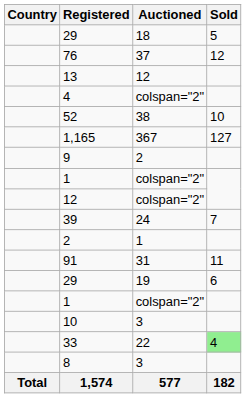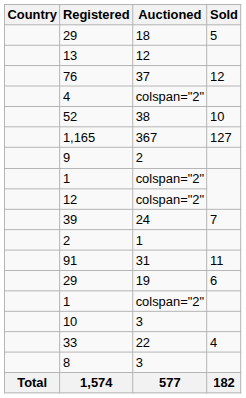 <table class="wikitable defaultcenter col1left" style="font-size:95%;">
 <tr>
 <th scope="col">Country</th>
 <th scope="col">Registered</th>
 <th scope="col">Auctioned</th>
 <th scope="col">Sold</th>
 </tr>
 <tr>
 <td></td>
 <td>29</td>
 <td>18</td>
 <td>5</td>
 </tr>
 <tr>
 <td></td>
+<td>13</td>
+<td>12</td>
+<td></td>
+</tr>
+<tr>
+<td></td>
 <td>76</td>
 <td>37</td>
 <td>12</td>
-</tr>
-<tr>
-<td></td>
-<td>13</td>
-<td>12</td>
-<td></td>
 </tr>
 <tr>
 <td></td>
 <td>4</td>
 <td>colspan="2" </td>
 </tr>
 <tr>
 <td></td>
 <td>52</td>
 <td>38</td>
 <td>10</td>
 </tr>
 <tr>
 <td></td>
 <td>1,165</td>
 <td>367</td>
 <td>127</td>
 </tr>
 <tr>
 <td></td>
 <td>9</td>
 <td>2</td>
 <td></td>
 </tr>
 <tr>
 <td></td>
 <td>1</td>
 <td>colspan="2" </td>
 </tr>
 <tr>
 <td></td>
 <td>12</td>
 <td>colspan="2" </td>
 </tr>
 <tr>
 <td></td>
 <td>39</td>
 <td>24</td>
 <td>7</td>
 </tr>
 <tr>
 <td></td>
 <td>2</td>
 <td>1</td>
 <td></td>
 </tr>
 <tr>
 <td></td>
 <td>91</td>
 <td>31</td>
 <td>11</td>
 </tr>
 <tr>
 <td></td>
 <td>29</td>
 <td>19</td>
 <td>6</td>
 </tr>
 <tr>
 <td></td>
 <td>1</td>
 <td>colspan="2" </td>
 </tr>
 <tr>
 <td></td>
 <td>10</td>
 <td>3</td>
 <td></td>
 </tr>
 <tr>
 <td></td>
 <td>33</td>
 <td>22</td>
-<td style="background: lightgreen;">4</td>
+<td>4</td>
 </tr>
 <tr>
 <td></td>
 <td>8</td>
 <td>3</td>
 <td></td>
 </tr>
 <tr class="sortbottom">
 <th>Total</th>
 <th>1,574</th>
 <th>577</th>
 <th>182</th>
 </tr>
 </table>
